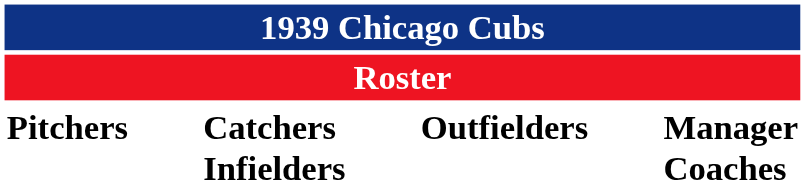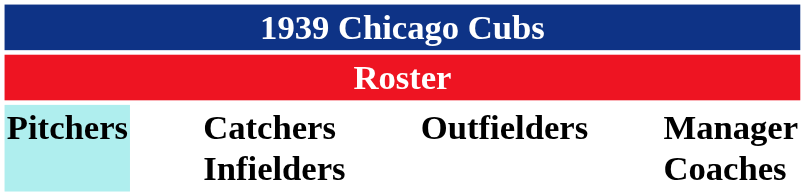 <table class="toccolours" style="font-size: 95%;">
 <tr>
 <th colspan="10" style="background-color: #0e3386; color: white; text-align: center;">1939 Chicago Cubs</th>
 </tr>
 <tr>
 <td colspan="10" style="background-color: #EE1422; color: white; text-align: center;"><strong>Roster</strong></td>
 </tr>
 <tr>
-<td valign="top"><strong>Pitchers</strong><br>           </td>
+<td valign="top" style="background: paleturquoise;"><strong>Pitchers</strong><br>           </td>
 <td width="25px"></td>
 <td valign="top"><strong>Catchers</strong><br>   <strong>Infielders</strong>       </td>
 <td width="25px"></td>
 <td valign="top"><strong>Outfielders</strong><br>     </td>
 <td width="25px"></td>
 <td valign="top"><strong>Manager</strong><br> <strong>Coaches</strong>  </td>
 </tr>
 </table>
